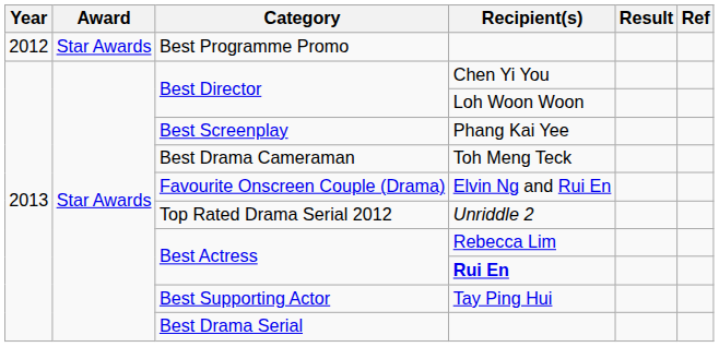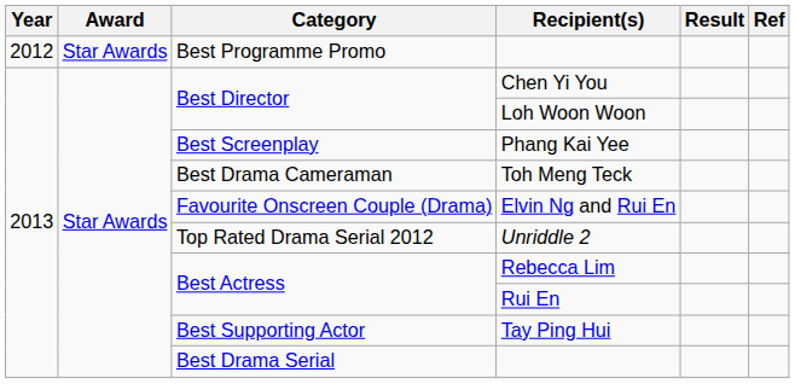 <table class="wikitable">
 <tr>
 <th>Year</th>
 <th>Award</th>
 <th>Category</th>
 <th>Recipient(s)</th>
 <th>Result</th>
 <th>Ref</th>
 </tr>
 <tr>
 <td rowspan=1>2012</td>
 <td rowspan=1><a href='#'>Star Awards</a></td>
 <td>Best Programme Promo</td>
 <td></td>
 <td></td>
 <td></td>
 </tr>
 <tr>
 <td rowspan=10>2013</td>
 <td rowspan=10><a href='#'>Star Awards</a></td>
 <td rowspan="2"><a href='#'>Best Director</a></td>
 <td>Chen Yi You</td>
 <td></td>
 <td></td>
 </tr>
 <tr>
 <td>Loh Woon Woon</td>
 <td></td>
 <td></td>
 </tr>
 <tr>
 <td><a href='#'>Best Screenplay</a></td>
 <td>Phang Kai Yee</td>
 <td></td>
 <td></td>
 </tr>
 <tr>
 <td>Best Drama Cameraman</td>
 <td>Toh Meng Teck</td>
 <td></td>
 <td></td>
 </tr>
 <tr>
 <td><a href='#'>Favourite Onscreen Couple (Drama)</a></td>
 <td><a href='#'>Elvin Ng</a> and <a href='#'>Rui En</a></td>
 <td></td>
 <td></td>
 </tr>
 <tr>
 <td>Top Rated Drama Serial 2012</td>
 <td><em>Unriddle 2</em></td>
 <td></td>
 <td></td>
 </tr>
 <tr>
 <td rowspan="2"><a href='#'>Best Actress</a></td>
 <td><a href='#'>Rebecca Lim</a></td>
 <td></td>
 <td></td>
 </tr>
 <tr>
-<td><strong><a href='#'>Rui En</a></strong></td>
+<td><a href='#'>Rui En</a></td>
 <td></td>
 <td></td>
 </tr>
 <tr>
 <td><a href='#'>Best Supporting Actor</a></td>
 <td><a href='#'>Tay Ping Hui</a></td>
 <td></td>
 <td></td>
 </tr>
 <tr>
 <td><a href='#'>Best Drama Serial</a></td>
 <td></td>
 <td></td>
 <td></td>
 </tr>
 </table>
